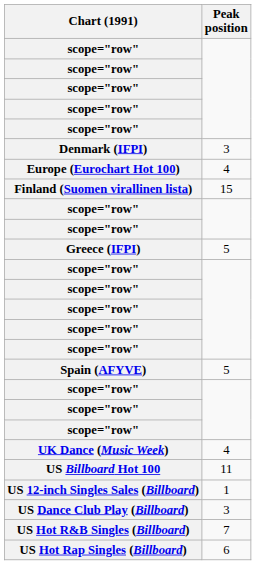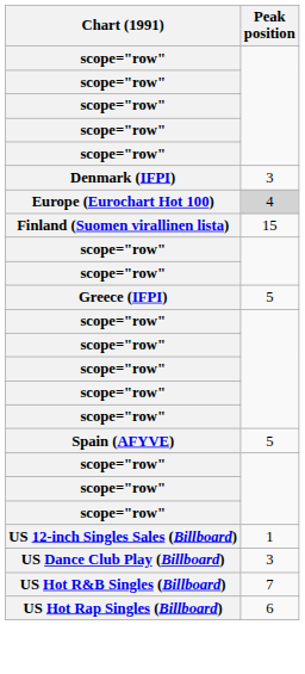 <table class="wikitable sortable plainrowheaders" style="text-align:center">
 <tr>
 <th scope="col">Chart (1991)</th>
 <th scope="col">Peak<br>position</th>
 </tr>
 <tr>
 <th>scope="row" </th>
 </tr>
 <tr>
 <th>scope="row" </th>
 </tr>
 <tr>
 <th>scope="row" </th>
 </tr>
 <tr>
 <th>scope="row" </th>
 </tr>
 <tr>
 <th>scope="row" </th>
 </tr>
 <tr>
 <th scope="row">Denmark (<a href='#'>IFPI</a>)</th>
 <td>3</td>
 </tr>
 <tr>
 <th scope="row">Europe (<a href='#'>Eurochart Hot 100</a>)</th>
-<td>4</td>
+<td style="background: lightgrey;">4</td>
 </tr>
 <tr>
 <th scope="row">Finland (<a href='#'>Suomen virallinen lista</a>)</th>
 <td>15</td>
 </tr>
 <tr>
 <th>scope="row" </th>
 </tr>
 <tr>
 <th>scope="row" </th>
 </tr>
 <tr>
 <th scope="row">Greece (<a href='#'>IFPI</a>)</th>
 <td>5</td>
 </tr>
 <tr>
 <th>scope="row" </th>
 </tr>
 <tr>
 <th>scope="row" </th>
 </tr>
 <tr>
 <th>scope="row" </th>
 </tr>
 <tr>
 <th>scope="row" </th>
 </tr>
 <tr>
 <th>scope="row" </th>
 </tr>
 <tr>
 <th scope="row">Spain (<a href='#'>AFYVE</a>)</th>
 <td>5</td>
 </tr>
 <tr>
 <th>scope="row" </th>
 </tr>
 <tr>
 <th>scope="row" </th>
 </tr>
 <tr>
 <th>scope="row" </th>
 </tr>
 <tr>
-<th scope="row"><a href='#'>UK Dance</a> (<em><a href='#'>Music Week</a></em>)</th>
-<td>4</td>
-</tr>
-<tr>
-<th scope="row">US <a href='#'><em>Billboard</em> Hot 100</a></th>
-<td>11</td>
-</tr>
-<tr>
 <th scope="row">US <a href='#'>12-inch Singles Sales</a> (<em><a href='#'>Billboard</a></em>)</th>
 <td>1</td>
 </tr>
 <tr>
 <th scope="row">US <a href='#'>Dance Club Play</a> (<em><a href='#'>Billboard</a></em>)</th>
 <td>3</td>
 </tr>
 <tr>
 <th scope="row">US <a href='#'>Hot R&B Singles</a> (<em><a href='#'>Billboard</a></em>)</th>
 <td>7</td>
 </tr>
 <tr>
 <th scope="row">US <a href='#'>Hot Rap Singles</a> (<em><a href='#'>Billboard</a></em>)</th>
 <td>6</td>
 </tr>
 </table>
